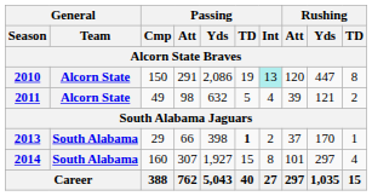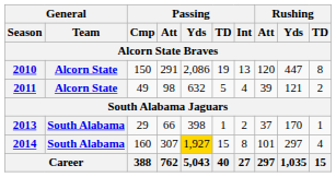 <table class="wikitable" style="text-align:center;">
 <tr>
 <th colspan="2">General</th>
 <th colspan="5">Passing</th>
 <th colspan="3">Rushing</th>
 </tr>
 <tr>
 <th>Season</th>
 <th>Team</th>
 <th>Cmp</th>
 <th>Att</th>
 <th>Yds</th>
 <th>TD</th>
 <th>Int</th>
 <th>Att</th>
 <th>Yds</th>
 <th>TD</th>
 </tr>
 <tr>
 <th colspan="10">Alcorn State Braves</th>
 </tr>
 <tr>
 <th><a href='#'>2010</a></th>
 <th><a href='#'>Alcorn State</a></th>
 <td>150</td>
 <td>291</td>
 <td>2,086</td>
 <td>19</td>
-<td style="background: paleturquoise;">13</td>
+<td>13</td>
 <td>120</td>
 <td>447</td>
 <td>8</td>
 </tr>
 <tr>
 <th><a href='#'>2011</a></th>
 <th><a href='#'>Alcorn State</a></th>
 <td>49</td>
 <td>98</td>
 <td>632</td>
 <td>5</td>
 <td>4</td>
 <td>39</td>
 <td>121</td>
 <td>2</td>
 </tr>
 <tr>
 <th colspan="13">South Alabama Jaguars</th>
 </tr>
 <tr>
 <th><a href='#'>2013</a></th>
 <th><a href='#'>South Alabama</a></th>
 <td>29</td>
 <td>66</td>
 <td>398</td>
-<td><strong>1</strong></td>
+<td>1</td>
 <td>2</td>
 <td>37</td>
 <td>170</td>
 <td>1</td>
 </tr>
 <tr>
 <th><a href='#'>2014</a></th>
 <th><a href='#'>South Alabama</a></th>
 <td>160</td>
 <td>307</td>
-<td>1,927</td>
+<td style="background: gold;">1,927</td>
 <td>15</td>
 <td>8</td>
 <td>101</td>
 <td>297</td>
 <td>4</td>
 </tr>
 <tr style="background:#eee;">
 <th colspan=2><strong>Career</strong></th>
 <th>388</th>
 <th>762</th>
 <th>5,043</th>
 <th>40</th>
 <th>27</th>
 <th>297</th>
 <th>1,035</th>
 <th>15</th>
 </tr>
 </table>
